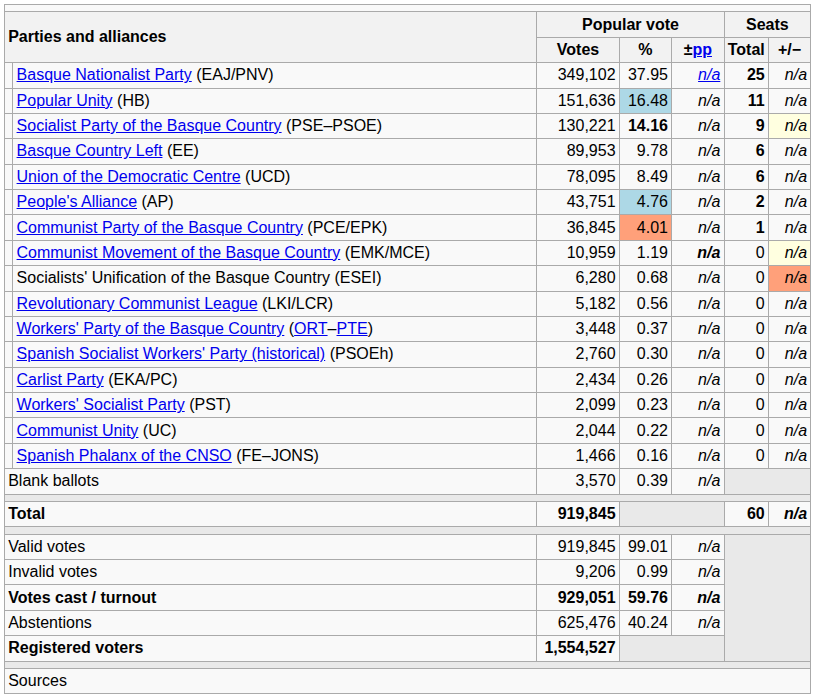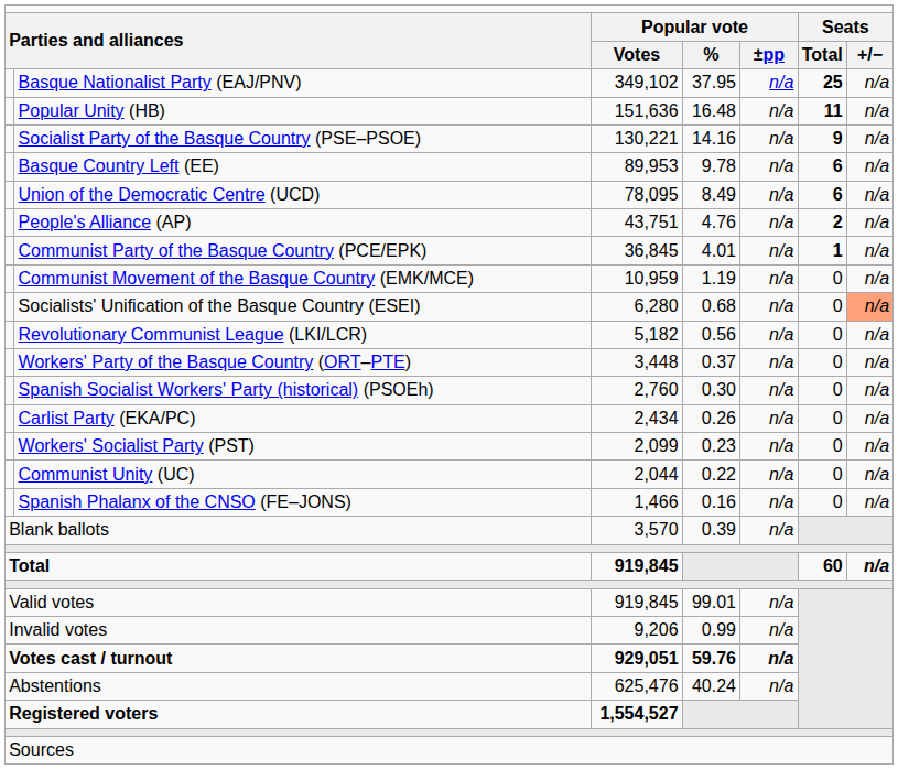 <table class="wikitable" style="text-align:right;">
 <tr>
 <td colspan="7"></td>
 </tr>
 <tr>
 <th style="text-align:left;" rowspan="2" colspan="2" width="525">Parties and alliances</th>
 <th colspan="3">Popular vote</th>
 <th colspan="2">Seats</th>
 </tr>
 <tr>
 <th width="75">Votes</th>
 <th width="45">%</th>
 <th width="45">±<a href='#'>pp</a></th>
 <th width="35">Total</th>
 <th width="35">+/−</th>
 </tr>
 <tr>
 <td width="1" style="color:inherit;background:"></td>
 <td align="left"><a href='#'>Basque Nationalist Party</a> (EAJ/PNV)</td>
 <td>349,102</td>
 <td>37.95</td>
 <td><em><a href='#'>n/a</a></em></td>
 <td><strong>25</strong></td>
 <td><em>n/a</em></td>
 </tr>
 <tr>
 <td style="color:inherit;background:"></td>
 <td align="left"><a href='#'>Popular Unity</a> (HB)</td>
 <td>151,636</td>
-<td style="background: lightblue;">16.48</td>
+<td>16.48</td>
 <td><em>n/a</em></td>
 <td><strong>11</strong></td>
 <td><em>n/a</em></td>
 </tr>
 <tr>
 <td style="color:inherit;background:"></td>
 <td align="left"><a href='#'>Socialist Party of the Basque Country</a> (PSE–PSOE)</td>
 <td>130,221</td>
-<td><strong>14.16</strong></td>
+<td>14.16</td>
 <td><em>n/a</em></td>
 <td><strong>9</strong></td>
-<td style="background: lightyellow;"><em>n/a</em></td>
+<td><em>n/a</em></td>
 </tr>
 <tr>
 <td style="color:inherit;background:"></td>
 <td align="left"><a href='#'>Basque Country Left</a> (EE)</td>
 <td>89,953</td>
 <td>9.78</td>
 <td><em>n/a</em></td>
 <td><strong>6</strong></td>
 <td><em>n/a</em></td>
 </tr>
 <tr>
 <td style="color:inherit;background:"></td>
 <td align="left"><a href='#'>Union of the Democratic Centre</a> (UCD)</td>
 <td>78,095</td>
 <td>8.49</td>
 <td><em>n/a</em></td>
 <td><strong>6</strong></td>
 <td><em>n/a</em></td>
 </tr>
 <tr>
 <td style="color:inherit;background:"></td>
 <td align="left"><a href='#'>People's Alliance</a> (AP)</td>
 <td>43,751</td>
-<td style="background: lightblue;">4.76</td>
+<td>4.76</td>
 <td><em>n/a</em></td>
 <td><strong>2</strong></td>
 <td><em>n/a</em></td>
 </tr>
 <tr>
 <td style="color:inherit;background:"></td>
 <td align="left"><a href='#'>Communist Party of the Basque Country</a> (PCE/EPK)</td>
 <td>36,845</td>
-<td style="background: lightsalmon;">4.01</td>
+<td>4.01</td>
 <td><em>n/a</em></td>
 <td><strong>1</strong></td>
 <td><em>n/a</em></td>
 </tr>
 <tr>
 <td style="color:inherit;background:"></td>
 <td align="left"><a href='#'>Communist Movement of the Basque Country</a> (EMK/MCE)</td>
 <td>10,959</td>
 <td>1.19</td>
-<td><strong><em>n/a</em></strong></td>
+<td><em>n/a</em></td>
 <td>0</td>
-<td style="background: lightyellow;"><em>n/a</em></td>
+<td><em>n/a</em></td>
 </tr>
 <tr>
 <td style="color:inherit;background:"></td>
 <td align="left">Socialists' Unification of the Basque Country (ESEI)</td>
 <td>6,280</td>
 <td>0.68</td>
 <td><em>n/a</em></td>
 <td>0</td>
 <td style="background: lightsalmon;"><em>n/a</em></td>
 </tr>
 <tr>
 <td style="color:inherit;background:"></td>
 <td align="left"><a href='#'>Revolutionary Communist League</a> (LKI/LCR)</td>
 <td>5,182</td>
 <td>0.56</td>
 <td><em>n/a</em></td>
 <td>0</td>
 <td><em>n/a</em></td>
 </tr>
 <tr>
 <td style="color:inherit;background:"></td>
 <td align="left"><a href='#'>Workers' Party of the Basque Country</a> (<a href='#'>ORT</a>–<a href='#'>PTE</a>)</td>
 <td>3,448</td>
 <td>0.37</td>
 <td><em>n/a</em></td>
 <td>0</td>
 <td><em>n/a</em></td>
 </tr>
 <tr>
 <td style="color:inherit;background:"></td>
 <td align="left"><a href='#'>Spanish Socialist Workers' Party (historical)</a> (PSOEh)</td>
 <td>2,760</td>
 <td>0.30</td>
 <td><em>n/a</em></td>
 <td>0</td>
 <td><em>n/a</em></td>
 </tr>
 <tr>
 <td style="color:inherit;background:"></td>
 <td align="left"><a href='#'>Carlist Party</a> (EKA/PC)</td>
 <td>2,434</td>
 <td>0.26</td>
 <td><em>n/a</em></td>
 <td>0</td>
 <td><em>n/a</em></td>
 </tr>
 <tr>
 <td style="color:inherit;background:"></td>
 <td align="left"><a href='#'>Workers' Socialist Party</a> (PST)</td>
 <td>2,099</td>
 <td>0.23</td>
 <td><em>n/a</em></td>
 <td>0</td>
 <td><em>n/a</em></td>
 </tr>
 <tr>
 <td style="color:inherit;background:"></td>
 <td align="left"><a href='#'>Communist Unity</a> (UC)</td>
 <td>2,044</td>
 <td>0.22</td>
 <td><em>n/a</em></td>
 <td>0</td>
 <td><em>n/a</em></td>
 </tr>
 <tr>
 <td style="color:inherit;background:"></td>
 <td align="left"><a href='#'>Spanish Phalanx of the CNSO</a> (FE–JONS)</td>
 <td>1,466</td>
 <td>0.16</td>
 <td><em>n/a</em></td>
 <td>0</td>
 <td><em>n/a</em></td>
 </tr>
 <tr>
 <td align="left" colspan="2">Blank ballots</td>
 <td>3,570</td>
 <td>0.39</td>
 <td><em>n/a</em></td>
 <td bgcolor="#E9E9E9" colspan="2"></td>
 </tr>
 <tr>
 <td colspan="7" bgcolor="#E9E9E9"></td>
 </tr>
 <tr style="font-weight:bold;">
 <td align="left" colspan="2">Total</td>
 <td>919,845</td>
 <td bgcolor="#E9E9E9" colspan="2"></td>
 <td>60</td>
 <td><em>n/a</em></td>
 </tr>
 <tr>
 <td colspan="7" bgcolor="#E9E9E9"></td>
 </tr>
 <tr>
 <td align="left" colspan="2">Valid votes</td>
 <td>919,845</td>
 <td>99.01</td>
 <td><em>n/a</em></td>
 <td bgcolor="#E9E9E9" colspan="2" rowspan="5"></td>
 </tr>
 <tr>
 <td align="left" colspan="2">Invalid votes</td>
 <td>9,206</td>
 <td>0.99</td>
 <td><em>n/a</em></td>
 </tr>
 <tr style="font-weight:bold;">
 <td align="left" colspan="2">Votes cast / turnout</td>
 <td>929,051</td>
 <td>59.76</td>
 <td><em>n/a</em></td>
 </tr>
 <tr>
 <td align="left" colspan="2">Abstentions</td>
 <td>625,476</td>
 <td>40.24</td>
 <td><em>n/a</em></td>
 </tr>
 <tr style="font-weight:bold;">
 <td align="left" colspan="2">Registered voters</td>
 <td>1,554,527</td>
 <td bgcolor="#E9E9E9" colspan="2"></td>
 </tr>
 <tr>
 <td colspan="7" bgcolor="#E9E9E9"></td>
 </tr>
 <tr>
 <td align="left" colspan="7">Sources</td>
 </tr>
 </table>
